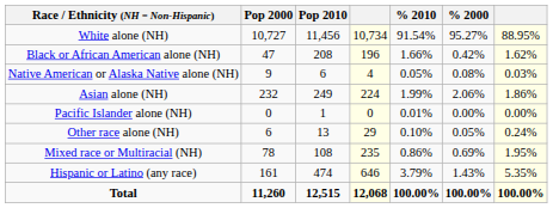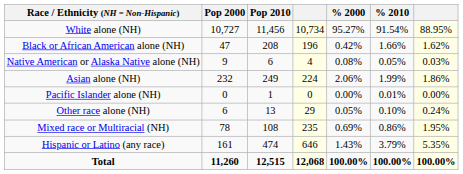 <table class="wikitable" style="text-align:center;">
 <tr>
 <th>Race / Ethnicity <small>(<em>NH = Non-Hispanic</em>)</small></th>
 <th>Pop 2000</th>
 <th>Pop 2010</th>
 <th></th>
+<th>% 2000</th>
 <th>% 2010</th>
-<th>% 2000</th>
 <th></th>
 </tr>
 <tr>
 <td><a href='#'>White</a> alone (NH)</td>
 <td>10,727</td>
 <td>11,456</td>
 <td style='background: #ffffe6;'>10,734</td>
+<td>95.27%</td>
 <td>91.54%</td>
-<td>95.27%</td>
 <td style='background: #ffffe6;'>88.95%</td>
 </tr>
 <tr>
 <td><a href='#'>Black or African American</a> alone (NH)</td>
 <td>47</td>
 <td>208</td>
 <td style='background: #ffffe6;'>196</td>
+<td>0.42%</td>
 <td>1.66%</td>
-<td>0.42%</td>
 <td style='background: #ffffe6;'>1.62%</td>
 </tr>
 <tr>
 <td><a href='#'>Native American</a> or <a href='#'>Alaska Native</a> alone (NH)</td>
 <td>9</td>
 <td>6</td>
 <td style='background: #ffffe6;'>4</td>
+<td>0.08%</td>
 <td>0.05%</td>
-<td>0.08%</td>
 <td style='background: #ffffe6;'>0.03%</td>
 </tr>
 <tr>
 <td><a href='#'>Asian</a> alone (NH)</td>
 <td>232</td>
 <td>249</td>
 <td style='background: #ffffe6;'>224</td>
+<td>2.06%</td>
 <td>1.99%</td>
-<td>2.06%</td>
 <td style='background: #ffffe6;'>1.86%</td>
 </tr>
 <tr>
 <td><a href='#'>Pacific Islander</a> alone (NH)</td>
 <td>0</td>
 <td>1</td>
 <td style='background: #ffffe6;'>0</td>
+<td>0.00%</td>
 <td>0.01%</td>
-<td>0.00%</td>
 <td style='background: #ffffe6;'>0.00%</td>
 </tr>
 <tr>
 <td><a href='#'>Other race</a> alone (NH)</td>
 <td>6</td>
 <td>13</td>
 <td style='background: #ffffe6;'>29</td>
+<td>0.05%</td>
 <td>0.10%</td>
-<td>0.05%</td>
 <td style='background: #ffffe6;'>0.24%</td>
 </tr>
 <tr>
 <td><a href='#'>Mixed race or Multiracial</a> (NH)</td>
 <td>78</td>
 <td>108</td>
 <td style='background: #ffffe6;'>235</td>
+<td>0.69%</td>
 <td>0.86%</td>
-<td>0.69%</td>
 <td style='background: #ffffe6;'>1.95%</td>
 </tr>
 <tr>
 <td><a href='#'>Hispanic or Latino</a> (any race)</td>
 <td>161</td>
 <td>474</td>
 <td style='background: #ffffe6;'>646</td>
+<td>1.43%</td>
 <td>3.79%</td>
-<td>1.43%</td>
 <td style='background: #ffffe6;'>5.35%</td>
 </tr>
 <tr>
 <td><strong>Total</strong></td>
 <td><strong>11,260</strong></td>
 <td><strong>12,515</strong></td>
 <td style='background: #ffffe6;'><strong>12,068</strong></td>
 <td><strong>100.00%</strong></td>
 <td><strong>100.00%</strong></td>
 <td style='background: #ffffe6;'><strong>100.00%</strong></td>
 </tr>
 </table>
